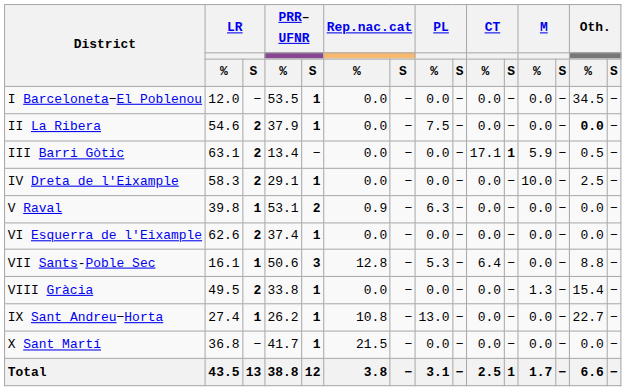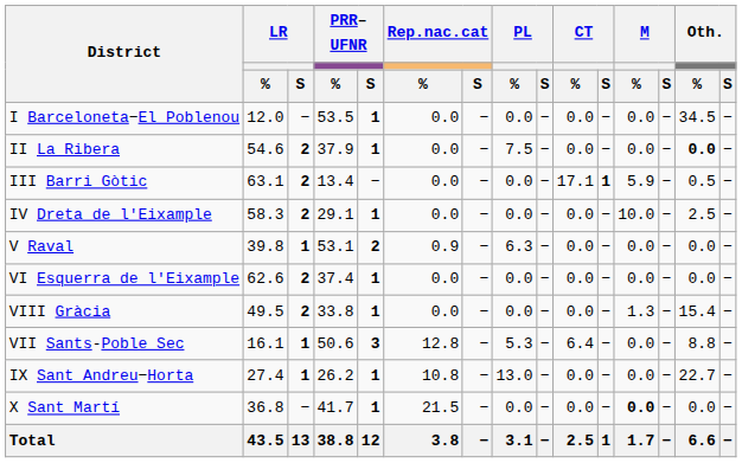 <table class='wikitable sortable' style='text-align:right; font-size:95%; line-height:20px;'>
 <tr>
 <th rowspan='3'>District</th>
 <th colspan='2' width='30px'><a href='#'>LR</a></th>
 <th colspan='2' width='30px'><a href='#'>PRR</a>–<a href='#'>UFNR</a></th>
 <th colspan='2' width='30px'><a href='#'>Rep.nac.cat</a></th>
 <th colspan='2' width='30px'><a href='#'>PL</a></th>
 <th colspan='2' width='30px'><a href='#'>CT</a></th>
 <th colspan='2' width='30px'><a href='#'>M</a></th>
 <th colspan='2' width='30px'>Oth.</th>
 </tr>
 <tr>
 <th colspan='2' style='background:'></th>
 <th colspan='2' style='background:#864891'></th>
 <th colspan='2' style='background:#F7B96F'></th>
 <th colspan='2' style='background:'></th>
 <th colspan='2' style='background:'></th>
 <th colspan='2' style='background:'></th>
 <th colspan='2' style='background:#777777'></th>
 </tr>
 <tr>
 <th data-sort-type='number'>%</th>
 <th data-sort-type='number'>S</th>
 <th data-sort-type='number'>%</th>
 <th data-sort-type='number'>S</th>
 <th data-sort-type='number'>%</th>
 <th data-sort-type='number'>S</th>
 <th data-sort-type='number'>%</th>
 <th data-sort-type='number'>S</th>
 <th data-sort-type='number'>%</th>
 <th data-sort-type='number'>S</th>
 <th data-sort-type='number'>%</th>
 <th data-sort-type='number'>S</th>
 <th data-sort-type='number'>%</th>
 <th data-sort-type='number'>S</th>
 </tr>
 <tr>
 <td style='text-align: left;'>I <a href='#'>Barceloneta</a>−<a href='#'>El Poblenou</a></td>
 <td style='text-align: right;'>12.0</td>
 <td style='text-align: right;'>−</td>
 <td style='text-align: right;'>53.5</td>
 <td style='text-align: right;'><strong>1</strong></td>
 <td style='text-align: right;'>0.0</td>
 <td style='text-align: right;'>−</td>
 <td style='text-align: right;'>0.0</td>
 <td style='text-align: right;'>−</td>
 <td style='text-align: right;'>0.0</td>
 <td style='text-align: right;'>−</td>
 <td style='text-align: right;'>0.0</td>
 <td style='text-align: right;'>−</td>
 <td style='text-align: right;'>34.5</td>
 <td style='text-align: right;'>−</td>
 </tr>
 <tr>
 <td style='text-align: left;'>II <a href='#'>La Ribera</a></td>
 <td style='text-align: right;'>54.6</td>
 <td style='text-align: right;'><strong>2</strong></td>
 <td style='text-align: right;'>37.9</td>
 <td style='text-align: right;'><strong>1</strong></td>
 <td style='text-align: right;'>0.0</td>
 <td style='text-align: right;'>−</td>
 <td style='text-align: right;'>7.5</td>
 <td style='text-align: right;'>−</td>
 <td style='text-align: right;'>0.0</td>
 <td style='text-align: right;'>−</td>
 <td style='text-align: right;'>0.0</td>
 <td style='text-align: right;'>−</td>
 <td style='text-align: right;'><strong>0.0</strong></td>
 <td style='text-align: right;'>−</td>
 </tr>
 <tr>
 <td style='text-align: left;'>III <a href='#'>Barri Gòtic</a></td>
 <td style='text-align: right;'>63.1</td>
 <td style='text-align: right;'><strong>2</strong></td>
 <td style='text-align: right;'>13.4</td>
 <td style='text-align: right;'>−</td>
 <td style='text-align: right;'>0.0</td>
 <td style='text-align: right;'>−</td>
 <td style='text-align: right;'>0.0</td>
 <td style='text-align: right;'>−</td>
 <td style='text-align: right;'>17.1</td>
 <td style='text-align: right;'><strong>1</strong></td>
 <td style='text-align: right;'>5.9</td>
 <td style='text-align: right;'>−</td>
 <td style='text-align: right;'>0.5</td>
 <td style='text-align: right;'>−</td>
 </tr>
 <tr>
 <td style='text-align: left;'>IV <a href='#'>Dreta de l'Eixample</a></td>
 <td style='text-align: right;'>58.3</td>
 <td style='text-align: right;'><strong>2</strong></td>
 <td style='text-align: right;'>29.1</td>
 <td style='text-align: right;'><strong>1</strong></td>
 <td style='text-align: right;'>0.0</td>
 <td style='text-align: right;'>−</td>
 <td style='text-align: right;'>0.0</td>
 <td style='text-align: right;'>−</td>
 <td style='text-align: right;'>0.0</td>
 <td style='text-align: right;'>−</td>
 <td style='text-align: right;'>10.0</td>
 <td style='text-align: right;'>−</td>
 <td style='text-align: right;'>2.5</td>
 <td style='text-align: right;'>−</td>
 </tr>
 <tr>
 <td style='text-align: left;'>V <a href='#'>Raval</a></td>
 <td style='text-align: right;'>39.8</td>
 <td style='text-align: right;'><strong>1</strong></td>
 <td style='text-align: right;'>53.1</td>
 <td style='text-align: right;'><strong>2</strong></td>
 <td style='text-align: right;'>0.9</td>
 <td style='text-align: right;'>−</td>
 <td style='text-align: right;'>6.3</td>
 <td style='text-align: right;'>−</td>
 <td style='text-align: right;'>0.0</td>
 <td style='text-align: right;'>−</td>
 <td style='text-align: right;'>0.0</td>
 <td style='text-align: right;'>−</td>
 <td style='text-align: right;'>0.0</td>
 <td style='text-align: right;'>−</td>
 </tr>
 <tr>
 <td style='text-align: left;'>VI <a href='#'>Esquerra de l'Eixample</a></td>
 <td style='text-align: right;'>62.6</td>
 <td style='text-align: right;'><strong>2</strong></td>
 <td style='text-align: right;'>37.4</td>
 <td style='text-align: right;'><strong>1</strong></td>
 <td style='text-align: right;'>0.0</td>
 <td style='text-align: right;'>−</td>
 <td style='text-align: right;'>0.0</td>
 <td style='text-align: right;'>−</td>
 <td style='text-align: right;'>0.0</td>
 <td style='text-align: right;'>−</td>
 <td style='text-align: right;'>0.0</td>
 <td style='text-align: right;'>−</td>
 <td style='text-align: right;'>0.0</td>
 <td style='text-align: right;'>−</td>
 </tr>
 <tr>
+<td style='text-align: left;'>VIII <a href='#'>Gràcia</a></td>
+<td style='text-align: right;'>49.5</td>
+<td style='text-align: right;'><strong>2</strong></td>
+<td style='text-align: right;'>33.8</td>
+<td style='text-align: right;'><strong>1</strong></td>
+<td style='text-align: right;'>0.0</td>
+<td style='text-align: right;'>−</td>
+<td style='text-align: right;'>0.0</td>
+<td style='text-align: right;'>−</td>
+<td style='text-align: right;'>0.0</td>
+<td style='text-align: right;'>−</td>
+<td style='text-align: right;'>1.3</td>
+<td style='text-align: right;'>−</td>
+<td style='text-align: right;'>15.4</td>
+<td style='text-align: right;'>−</td>
+</tr>
+<tr>
 <td style='text-align: left;'>VII <a href='#'>Sants</a>-<a href='#'>Poble Sec</a></td>
 <td style='text-align: right;'>16.1</td>
 <td style='text-align: right;'><strong>1</strong></td>
 <td style='text-align: right;'>50.6</td>
 <td style='text-align: right;'><strong>3</strong></td>
 <td style='text-align: right;'>12.8</td>
 <td style='text-align: right;'>−</td>
 <td style='text-align: right;'>5.3</td>
 <td style='text-align: right;'>−</td>
 <td style='text-align: right;'>6.4</td>
 <td style='text-align: right;'>−</td>
 <td style='text-align: right;'>0.0</td>
 <td style='text-align: right;'>−</td>
 <td style='text-align: right;'>8.8</td>
-<td style='text-align: right;'>−</td>
-</tr>
-<tr>
-<td style='text-align: left;'>VIII <a href='#'>Gràcia</a></td>
-<td style='text-align: right;'>49.5</td>
-<td style='text-align: right;'><strong>2</strong></td>
-<td style='text-align: right;'>33.8</td>
-<td style='text-align: right;'><strong>1</strong></td>
-<td style='text-align: right;'>0.0</td>
-<td style='text-align: right;'>−</td>
-<td style='text-align: right;'>0.0</td>
-<td style='text-align: right;'>−</td>
-<td style='text-align: right;'>0.0</td>
-<td style='text-align: right;'>−</td>
-<td style='text-align: right;'>1.3</td>
-<td style='text-align: right;'>−</td>
-<td style='text-align: right;'>15.4</td>
 <td style='text-align: right;'>−</td>
 </tr>
 <tr>
 <td style='text-align: left;'>IX <a href='#'>Sant Andreu</a>−<a href='#'>Horta</a></td>
 <td style='text-align: right;'>27.4</td>
 <td style='text-align: right;'><strong>1</strong></td>
 <td style='text-align: right;'>26.2</td>
 <td style='text-align: right;'><strong>1</strong></td>
 <td style='text-align: right;'>10.8</td>
 <td style='text-align: right;'>−</td>
 <td style='text-align: right;'>13.0</td>
 <td style='text-align: right;'>−</td>
 <td style='text-align: right;'>0.0</td>
 <td style='text-align: right;'>−</td>
 <td style='text-align: right;'>0.0</td>
 <td style='text-align: right;'>−</td>
 <td style='text-align: right;'>22.7</td>
 <td style='text-align: right;'>−</td>
 </tr>
 <tr>
 <td style='text-align: left;'>X <a href='#'>Sant Martí</a></td>
 <td style='text-align: right;'>36.8</td>
 <td style='text-align: right;'>−</td>
 <td style='text-align: right;'>41.7</td>
 <td style='text-align: right;'><strong>1</strong></td>
 <td style='text-align: right;'>21.5</td>
 <td style='text-align: right;'>−</td>
 <td style='text-align: right;'>0.0</td>
 <td style='text-align: right;'>−</td>
 <td style='text-align: right;'>0.0</td>
 <td style='text-align: right;'>−</td>
-<td style='text-align: right;'>0.0</td>
+<td style='text-align: right;'><strong>0.0</strong></td>
 <td style='text-align: right;'>−</td>
 <td style='text-align: right;'>0.0</td>
 <td style='text-align: right;'>−</td>
 </tr>
 <tr>
 <th style='text-align: left;'>Total</th>
 <th style='text-align: right;'>43.5</th>
 <th style='text-align: right;'><strong>13</strong></th>
 <th style='text-align: right;'>38.8</th>
 <th style='text-align: right;'><strong>12</strong></th>
 <th style='text-align: right;'>3.8</th>
 <th style='text-align: right;'>−</th>
 <th style='text-align: right;'>3.1</th>
 <th style='text-align: right;'>−</th>
 <th style='text-align: right;'>2.5</th>
 <th style='text-align: right;'><strong>1</strong></th>
 <th style='text-align: right;'>1.7</th>
 <th style='text-align: right;'>−</th>
 <th style='text-align: right;'>6.6</th>
 <th style='text-align: right;'>−</th>
 </tr>
 </table>
